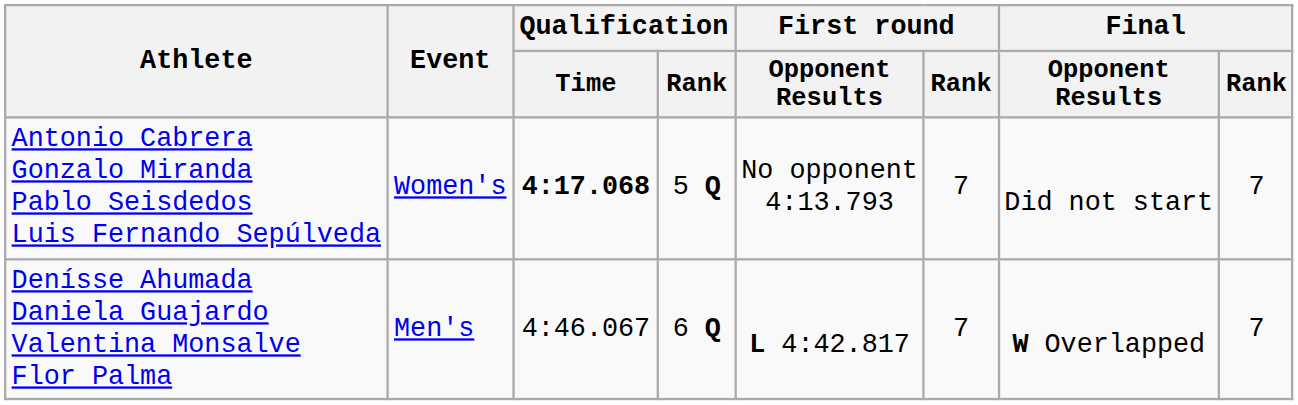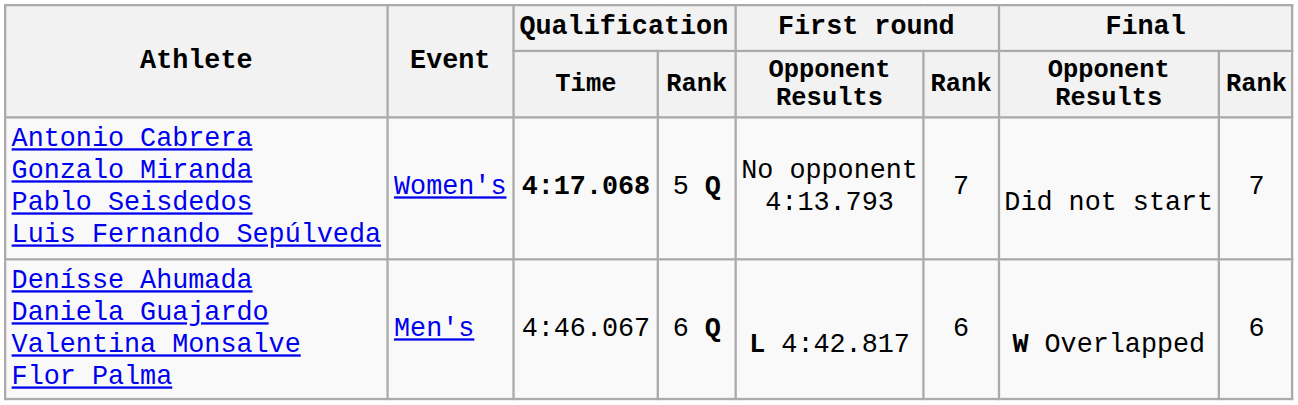 <table class="wikitable" style="font-size:90%">
 <tr>
 <th rowspan=2>Athlete</th>
 <th rowspan=2>Event</th>
 <th colspan=2>Qualification</th>
 <th colspan=2>First round</th>
 <th colspan=2>Final</th>
 </tr>
 <tr style="font-size:95%">
 <th>Time</th>
 <th>Rank</th>
 <th>Opponent<br>Results</th>
 <th>Rank</th>
 <th>Opponent<br>Results</th>
 <th>Rank</th>
 </tr>
 <tr align=center>
 <td align=left><a href='#'>Antonio Cabrera</a><br><a href='#'>Gonzalo Miranda</a><br><a href='#'>Pablo Seisdedos</a><br><a href='#'>Luis Fernando Sepúlveda</a></td>
 <td align=left><a href='#'>Women's</a></td>
 <td><strong>4:17.068</strong></td>
 <td>5 <strong>Q</strong></td>
 <td>No opponent<br>4:13.793</td>
 <td>7</td>
 <td><br>Did not start</td>
 <td>7</td>
 </tr>
 <tr align=center>
 <td align=left><a href='#'>Denísse Ahumada</a><br><a href='#'>Daniela Guajardo</a><br><a href='#'>Valentina Monsalve</a><br><a href='#'>Flor Palma</a></td>
 <td align=left><a href='#'>Men's</a></td>
 <td>4:46.067</td>
 <td>6 <strong>Q</strong></td>
 <td><br><strong>L</strong> 4:42.817</td>
-<td>7</td>
+<td>6</td>
 <td><br><strong>W</strong> Overlapped</td>
-<td>7</td>
+<td>6</td>
 </tr>
 </table>
